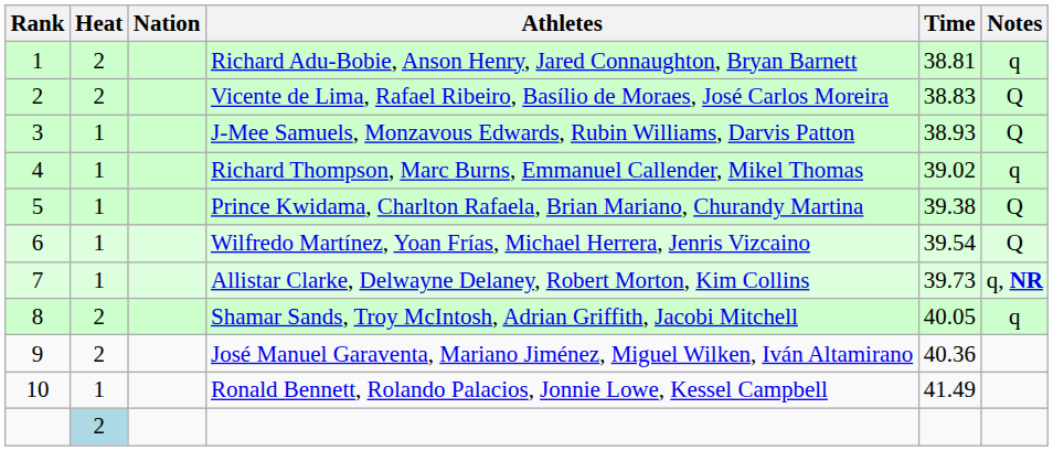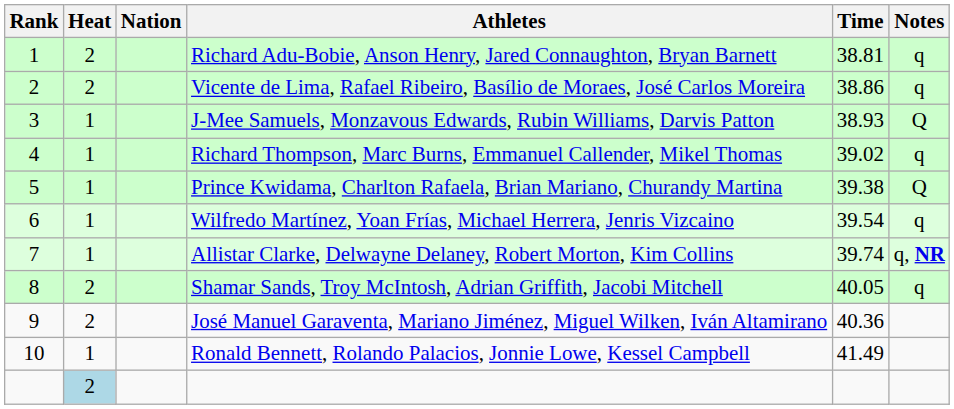 <table class="wikitable sortable" style="text-align:center">
 <tr>
 <th>Rank</th>
 <th>Heat</th>
 <th>Nation</th>
 <th>Athletes</th>
 <th>Time</th>
 <th>Notes</th>
 </tr>
 <tr bgcolor=ccffcc>
 <td>1</td>
 <td>2</td>
 <td align=left></td>
 <td align=left><a href='#'>Richard Adu-Bobie</a>, <a href='#'>Anson Henry</a>, <a href='#'>Jared Connaughton</a>, <a href='#'>Bryan Barnett</a></td>
 <td>38.81</td>
 <td>q</td>
 </tr>
 <tr bgcolor=ccffcc>
 <td>2</td>
 <td>2</td>
 <td align=left></td>
 <td align=left><a href='#'>Vicente de Lima</a>, <a href='#'>Rafael Ribeiro</a>, <a href='#'>Basílio de Moraes</a>, <a href='#'>José Carlos Moreira</a></td>
-<td>38.83</td>
-<td>Q</td>
+<td>38.86</td>
+<td>q</td>
 </tr>
 <tr bgcolor=ccffcc>
 <td>3</td>
 <td>1</td>
 <td align=left></td>
 <td align=left><a href='#'>J-Mee Samuels</a>, <a href='#'>Monzavous Edwards</a>, <a href='#'>Rubin Williams</a>, <a href='#'>Darvis Patton</a></td>
 <td>38.93</td>
 <td>Q</td>
 </tr>
 <tr bgcolor=ccffcc>
 <td>4</td>
 <td>1</td>
 <td align=left></td>
 <td align=left><a href='#'>Richard Thompson</a>, <a href='#'>Marc Burns</a>, <a href='#'>Emmanuel Callender</a>, <a href='#'>Mikel Thomas</a></td>
 <td>39.02</td>
 <td>q</td>
 </tr>
 <tr bgcolor=ccffcc>
 <td>5</td>
 <td>1</td>
 <td align=left></td>
 <td align=left><a href='#'>Prince Kwidama</a>, <a href='#'>Charlton Rafaela</a>, <a href='#'>Brian Mariano</a>, <a href='#'>Churandy Martina</a></td>
 <td>39.38</td>
 <td>Q</td>
 </tr>
 <tr bgcolor=ddffdd>
 <td>6</td>
 <td>1</td>
 <td align=left></td>
 <td align=left><a href='#'>Wilfredo Martínez</a>, <a href='#'>Yoan Frías</a>, <a href='#'>Michael Herrera</a>, <a href='#'>Jenris Vizcaino</a></td>
 <td>39.54</td>
-<td>Q</td>
+<td>q</td>
 </tr>
 <tr bgcolor=ddffdd>
 <td>7</td>
 <td>1</td>
 <td align=left></td>
 <td align=left><a href='#'>Allistar Clarke</a>, <a href='#'>Delwayne Delaney</a>, <a href='#'>Robert Morton</a>, <a href='#'>Kim Collins</a></td>
-<td>39.73</td>
+<td>39.74</td>
 <td>q, <strong><a href='#'>NR</a></strong></td>
 </tr>
 <tr bgcolor=ccffcc>
 <td>8</td>
 <td>2</td>
 <td align=left></td>
 <td align=left><a href='#'>Shamar Sands</a>, <a href='#'>Troy McIntosh</a>, <a href='#'>Adrian Griffith</a>, <a href='#'>Jacobi Mitchell</a></td>
 <td>40.05</td>
 <td>q</td>
 </tr>
 <tr>
 <td>9</td>
 <td>2</td>
 <td align=left></td>
 <td align=left><a href='#'>José Manuel Garaventa</a>, <a href='#'>Mariano Jiménez</a>, <a href='#'>Miguel Wilken</a>, <a href='#'>Iván Altamirano</a></td>
 <td>40.36</td>
 <td></td>
 </tr>
 <tr>
 <td>10</td>
 <td>1</td>
 <td align=left></td>
 <td align=left><a href='#'>Ronald Bennett</a>, <a href='#'>Rolando Palacios</a>, <a href='#'>Jonnie Lowe</a>, <a href='#'>Kessel Campbell</a></td>
 <td>41.49</td>
 <td></td>
 </tr>
 <tr>
 <td></td>
 <td style="background: lightblue;">2</td>
 <td align=left></td>
 <td align=left></td>
 <td></td>
 <td></td>
 </tr>
 </table>
